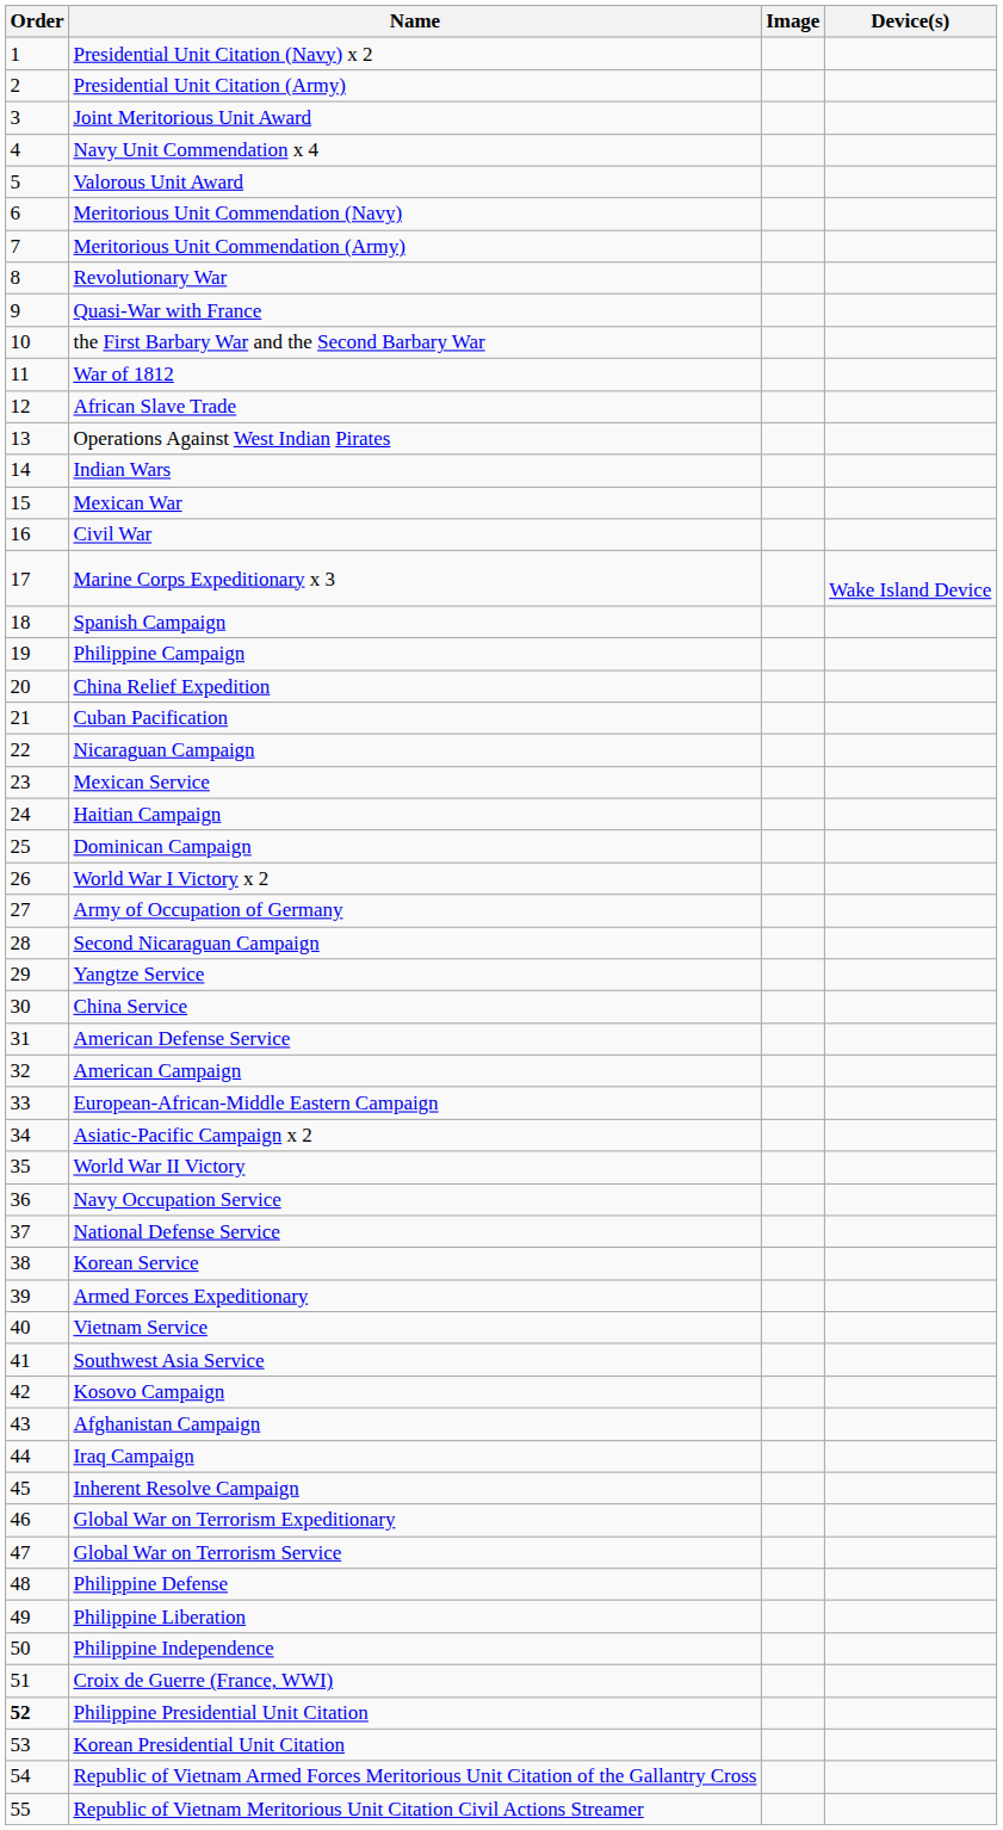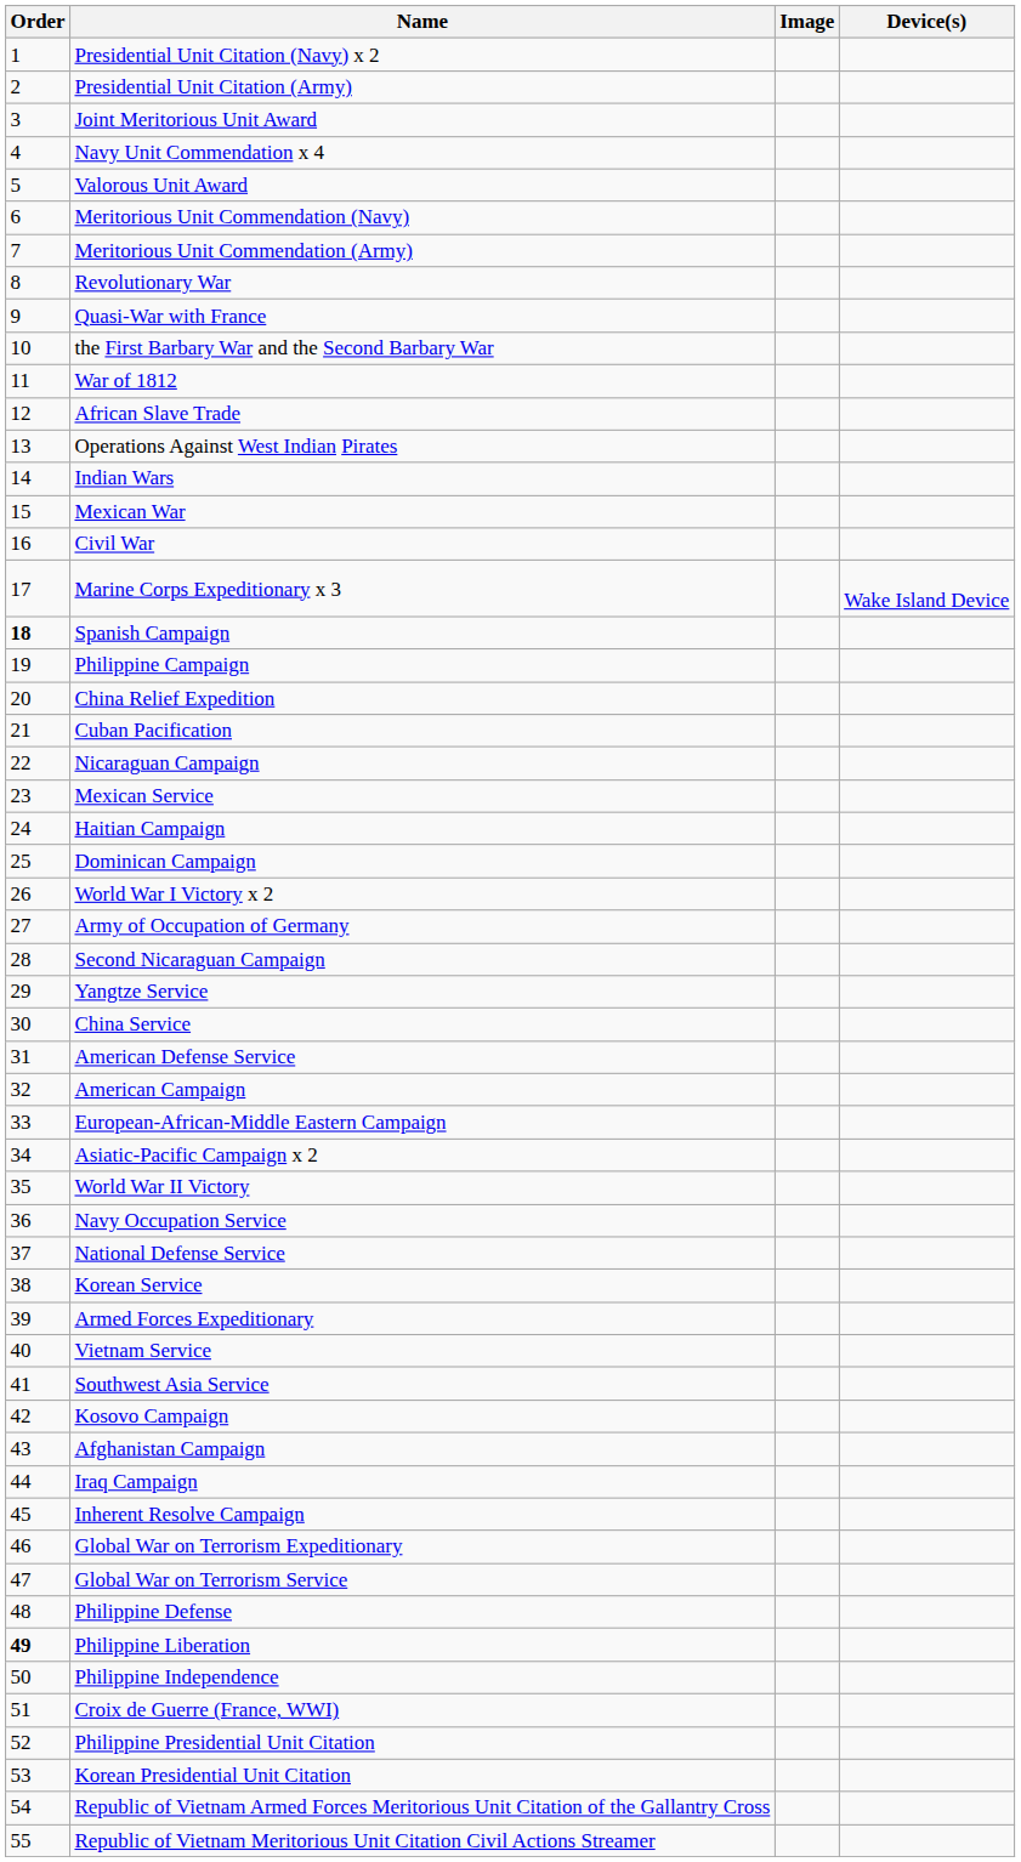 <table class="wikitable sortable collapsible">
 <tr bgcolor="#CCCCCC">
 <th>Order</th>
 <th>Name</th>
 <th>Image</th>
 <th>Device(s)</th>
 </tr>
 <tr>
 <td>1</td>
 <td><a href='#'>Presidential Unit Citation (Navy)</a> x 2</td>
 <td></td>
 <td><div>        </div></td>
 </tr>
 <tr>
 <td>2</td>
 <td><a href='#'>Presidential Unit Citation (Army)</a></td>
 <td></td>
 <td></td>
 </tr>
 <tr>
 <td>3</td>
 <td><a href='#'>Joint Meritorious Unit Award</a></td>
 <td></td>
 <td></td>
 </tr>
 <tr>
 <td>4</td>
 <td><a href='#'>Navy Unit Commendation</a> x 4</td>
 <td></td>
 <td><div>                       </div></td>
 </tr>
 <tr>
 <td>5</td>
 <td><a href='#'>Valorous Unit Award</a></td>
 <td></td>
 <td></td>
 </tr>
 <tr>
 <td>6</td>
 <td><a href='#'>Meritorious Unit Commendation (Navy)</a></td>
 <td></td>
 <td></td>
 </tr>
 <tr>
 <td>7</td>
 <td><a href='#'>Meritorious Unit Commendation (Army)</a></td>
 <td></td>
 <td></td>
 </tr>
 <tr>
 <td>8</td>
 <td><a href='#'>Revolutionary War</a></td>
 <td></td>
 <td></td>
 </tr>
 <tr>
 <td>9</td>
 <td><a href='#'>Quasi-War with France</a></td>
 <td></td>
 <td></td>
 </tr>
 <tr>
 <td>10</td>
 <td>the <a href='#'>First Barbary War</a> and the <a href='#'>Second Barbary War</a></td>
 <td></td>
 <td></td>
 </tr>
 <tr>
 <td>11</td>
 <td><a href='#'>War of 1812</a></td>
 <td></td>
 <td></td>
 </tr>
 <tr>
 <td>12</td>
 <td><a href='#'>African Slave Trade</a></td>
 <td></td>
 <td></td>
 </tr>
 <tr>
 <td>13</td>
 <td>Operations Against <a href='#'>West Indian</a> <a href='#'>Pirates</a></td>
 <td></td>
 <td></td>
 </tr>
 <tr>
 <td>14</td>
 <td><a href='#'>Indian Wars</a></td>
 <td></td>
 <td></td>
 </tr>
 <tr>
 <td>15</td>
 <td><a href='#'>Mexican War</a></td>
 <td></td>
 <td></td>
 </tr>
 <tr>
 <td>16</td>
 <td><a href='#'>Civil War</a></td>
 <td></td>
 <td></td>
 </tr>
 <tr>
 <td>17</td>
 <td><a href='#'>Marine Corps Expeditionary</a> x 3</td>
 <td></td>
 <td><div>               <br><a href='#'>Wake Island Device</a></div></td>
 </tr>
 <tr>
-<td>18</td>
+<td><strong>18</strong></td>
 <td><a href='#'>Spanish Campaign</a></td>
 <td></td>
 <td></td>
 </tr>
 <tr>
 <td>19</td>
 <td><a href='#'>Philippine Campaign</a></td>
 <td></td>
 <td></td>
 </tr>
 <tr>
 <td>20</td>
 <td><a href='#'>China Relief Expedition</a></td>
 <td></td>
 <td></td>
 </tr>
 <tr>
 <td>21</td>
 <td><a href='#'>Cuban Pacification</a></td>
 <td></td>
 <td></td>
 </tr>
 <tr>
 <td>22</td>
 <td><a href='#'>Nicaraguan Campaign</a></td>
 <td></td>
 <td></td>
 </tr>
 <tr>
 <td>23</td>
 <td><a href='#'>Mexican Service</a></td>
 <td></td>
 <td></td>
 </tr>
 <tr>
 <td>24</td>
 <td><a href='#'>Haitian Campaign</a></td>
 <td></td>
 <td></td>
 </tr>
 <tr>
 <td>25</td>
 <td><a href='#'>Dominican Campaign</a></td>
 <td></td>
 <td></td>
 </tr>
 <tr>
 <td>26</td>
 <td><a href='#'>World War I Victory</a> x 2</td>
 <td></td>
 <td><div>  </div></td>
 </tr>
 <tr>
 <td>27</td>
 <td><a href='#'>Army of Occupation of Germany</a></td>
 <td></td>
 <td></td>
 </tr>
 <tr>
 <td>28</td>
 <td><a href='#'>Second Nicaraguan Campaign</a></td>
 <td></td>
 <td></td>
 </tr>
 <tr>
 <td>29</td>
 <td><a href='#'>Yangtze Service</a></td>
 <td></td>
 <td></td>
 </tr>
 <tr>
 <td>30</td>
 <td><a href='#'>China Service</a></td>
 <td></td>
 <td></td>
 </tr>
 <tr>
 <td>31</td>
 <td><a href='#'>American Defense Service</a></td>
 <td></td>
 <td></td>
 </tr>
 <tr>
 <td>32</td>
 <td><a href='#'>American Campaign</a></td>
 <td></td>
 <td></td>
 </tr>
 <tr>
 <td>33</td>
 <td><a href='#'>European-African-Middle Eastern Campaign</a></td>
 <td></td>
 <td><div>    </div></td>
 </tr>
 <tr>
 <td>34</td>
 <td><a href='#'>Asiatic-Pacific Campaign</a> x 2</td>
 <td></td>
 <td><div>         </div></td>
 </tr>
 <tr>
 <td>35</td>
 <td><a href='#'>World War II Victory</a></td>
 <td></td>
 <td></td>
 </tr>
 <tr>
 <td>36</td>
 <td><a href='#'>Navy Occupation Service</a></td>
 <td></td>
 <td></td>
 </tr>
 <tr>
 <td>37</td>
 <td><a href='#'>National Defense Service</a></td>
 <td></td>
 <td><div> </div></td>
 </tr>
 <tr>
 <td>38</td>
 <td><a href='#'>Korean Service</a></td>
 <td></td>
 <td><div> </div></td>
 </tr>
 <tr>
 <td>39</td>
 <td><a href='#'>Armed Forces Expeditionary</a></td>
 <td></td>
 <td><div>    </div></td>
 </tr>
 <tr>
 <td>40</td>
 <td><a href='#'>Vietnam Service</a></td>
 <td></td>
 <td><div>    </div></td>
 </tr>
 <tr>
 <td>41</td>
 <td><a href='#'>Southwest Asia Service</a></td>
 <td></td>
 <td><div>  </div></td>
 </tr>
 <tr>
 <td>42</td>
 <td><a href='#'>Kosovo Campaign</a></td>
 <td></td>
 <td><div> </div></td>
 </tr>
 <tr>
 <td>43</td>
 <td><a href='#'>Afghanistan Campaign</a></td>
 <td></td>
 <td><div>  </div></td>
 </tr>
 <tr>
 <td>44</td>
 <td><a href='#'>Iraq Campaign</a></td>
 <td></td>
 <td><div>   </div></td>
 </tr>
 <tr>
 <td>45</td>
 <td><a href='#'>Inherent Resolve Campaign</a></td>
 <td></td>
 <td><div> </div></td>
 </tr>
 <tr>
 <td>46</td>
 <td><a href='#'>Global War on Terrorism Expeditionary</a></td>
 <td></td>
 <td></td>
 </tr>
 <tr>
 <td>47</td>
 <td><a href='#'>Global War on Terrorism Service</a></td>
 <td></td>
 <td></td>
 </tr>
 <tr>
 <td>48</td>
 <td><a href='#'>Philippine Defense</a></td>
 <td></td>
 <td></td>
 </tr>
 <tr>
-<td>49</td>
+<td><strong>49</strong></td>
 <td><a href='#'>Philippine Liberation</a></td>
 <td></td>
 <td><div> </div></td>
 </tr>
 <tr>
 <td>50</td>
 <td><a href='#'>Philippine Independence</a></td>
 <td></td>
 <td></td>
 </tr>
 <tr>
 <td>51</td>
 <td><a href='#'>Croix de Guerre (France, WWI)</a></td>
 <td></td>
 <td><div>   </div></td>
 </tr>
 <tr>
-<td><strong>52</strong></td>
+<td>52</td>
 <td><a href='#'>Philippine Presidential Unit Citation</a></td>
 <td></td>
 <td><div> </div></td>
 </tr>
 <tr>
 <td>53</td>
 <td><a href='#'>Korean Presidential Unit Citation</a></td>
 <td></td>
 <td></td>
 </tr>
 <tr>
 <td>54</td>
 <td><a href='#'>Republic of Vietnam Armed Forces Meritorious Unit Citation of the Gallantry Cross</a></td>
 <td></td>
 <td></td>
 </tr>
 <tr>
 <td>55</td>
 <td><a href='#'>Republic of Vietnam Meritorious Unit Citation Civil Actions Streamer</a></td>
 <td></td>
 <td></td>
 </tr>
 <tr>
 </tr>
 </table>
